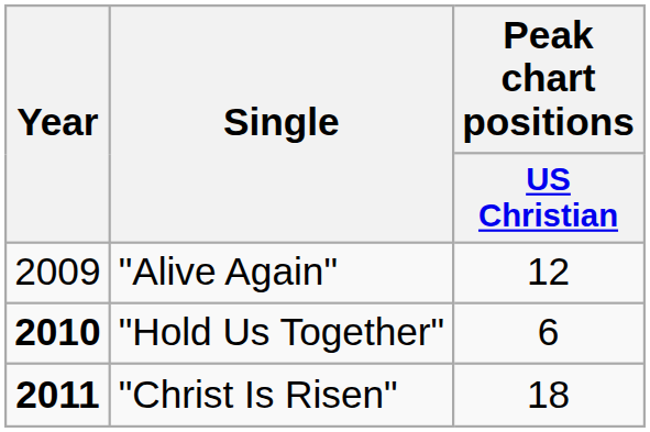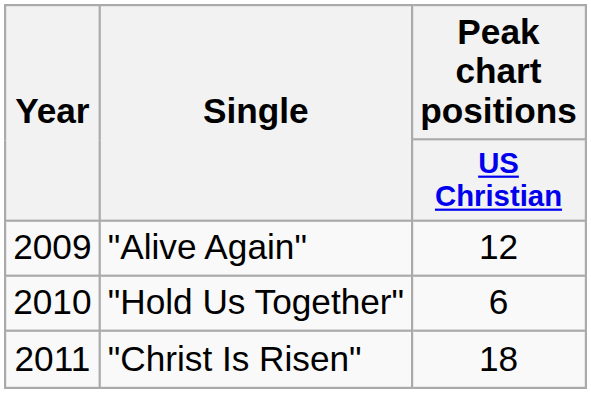 <table class="wikitable" style="text-align:center;">
 <tr>
 <th rowspan=2>Year</th>
 <th rowspan=2>Single</th>
 <th colspan=6>Peak chart positions</th>
 </tr>
 <tr style="font-size:smaller;">
 <th width=40><a href='#'>US Christian</a><br></th>
 </tr>
 <tr>
 <td>2009</td>
 <td align="left">"Alive Again"</td>
 <td>12</td>
 </tr>
 <tr>
-<td><strong>2010</strong></td>
+<td>2010</td>
 <td align="left">"Hold Us Together"</td>
 <td>6</td>
 </tr>
 <tr>
-<td><strong>2011</strong></td>
+<td>2011</td>
 <td align="left">"Christ Is Risen"</td>
 <td>18</td>
 </tr>
 </table>
